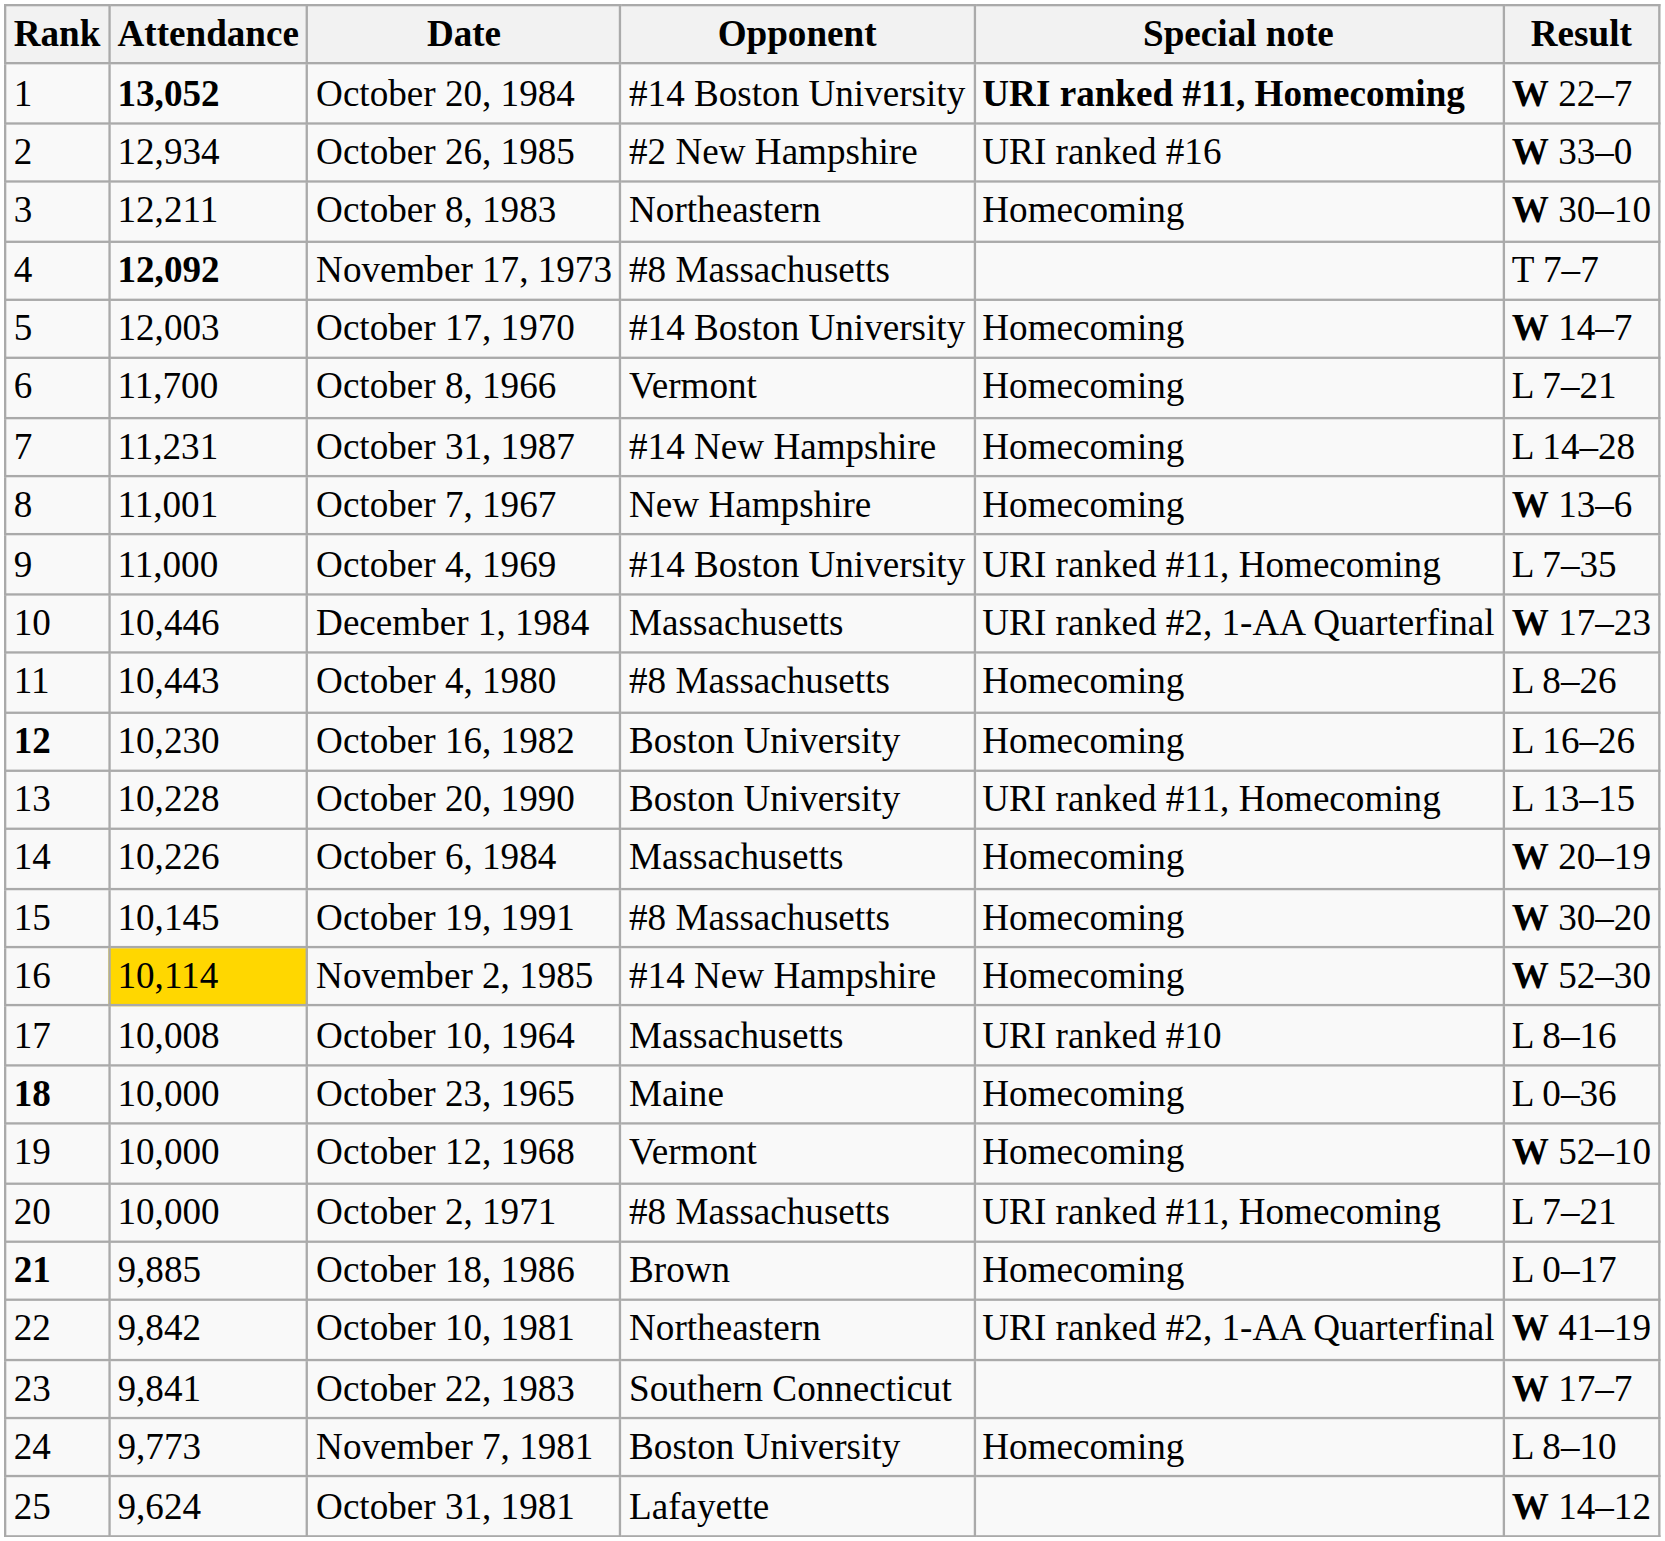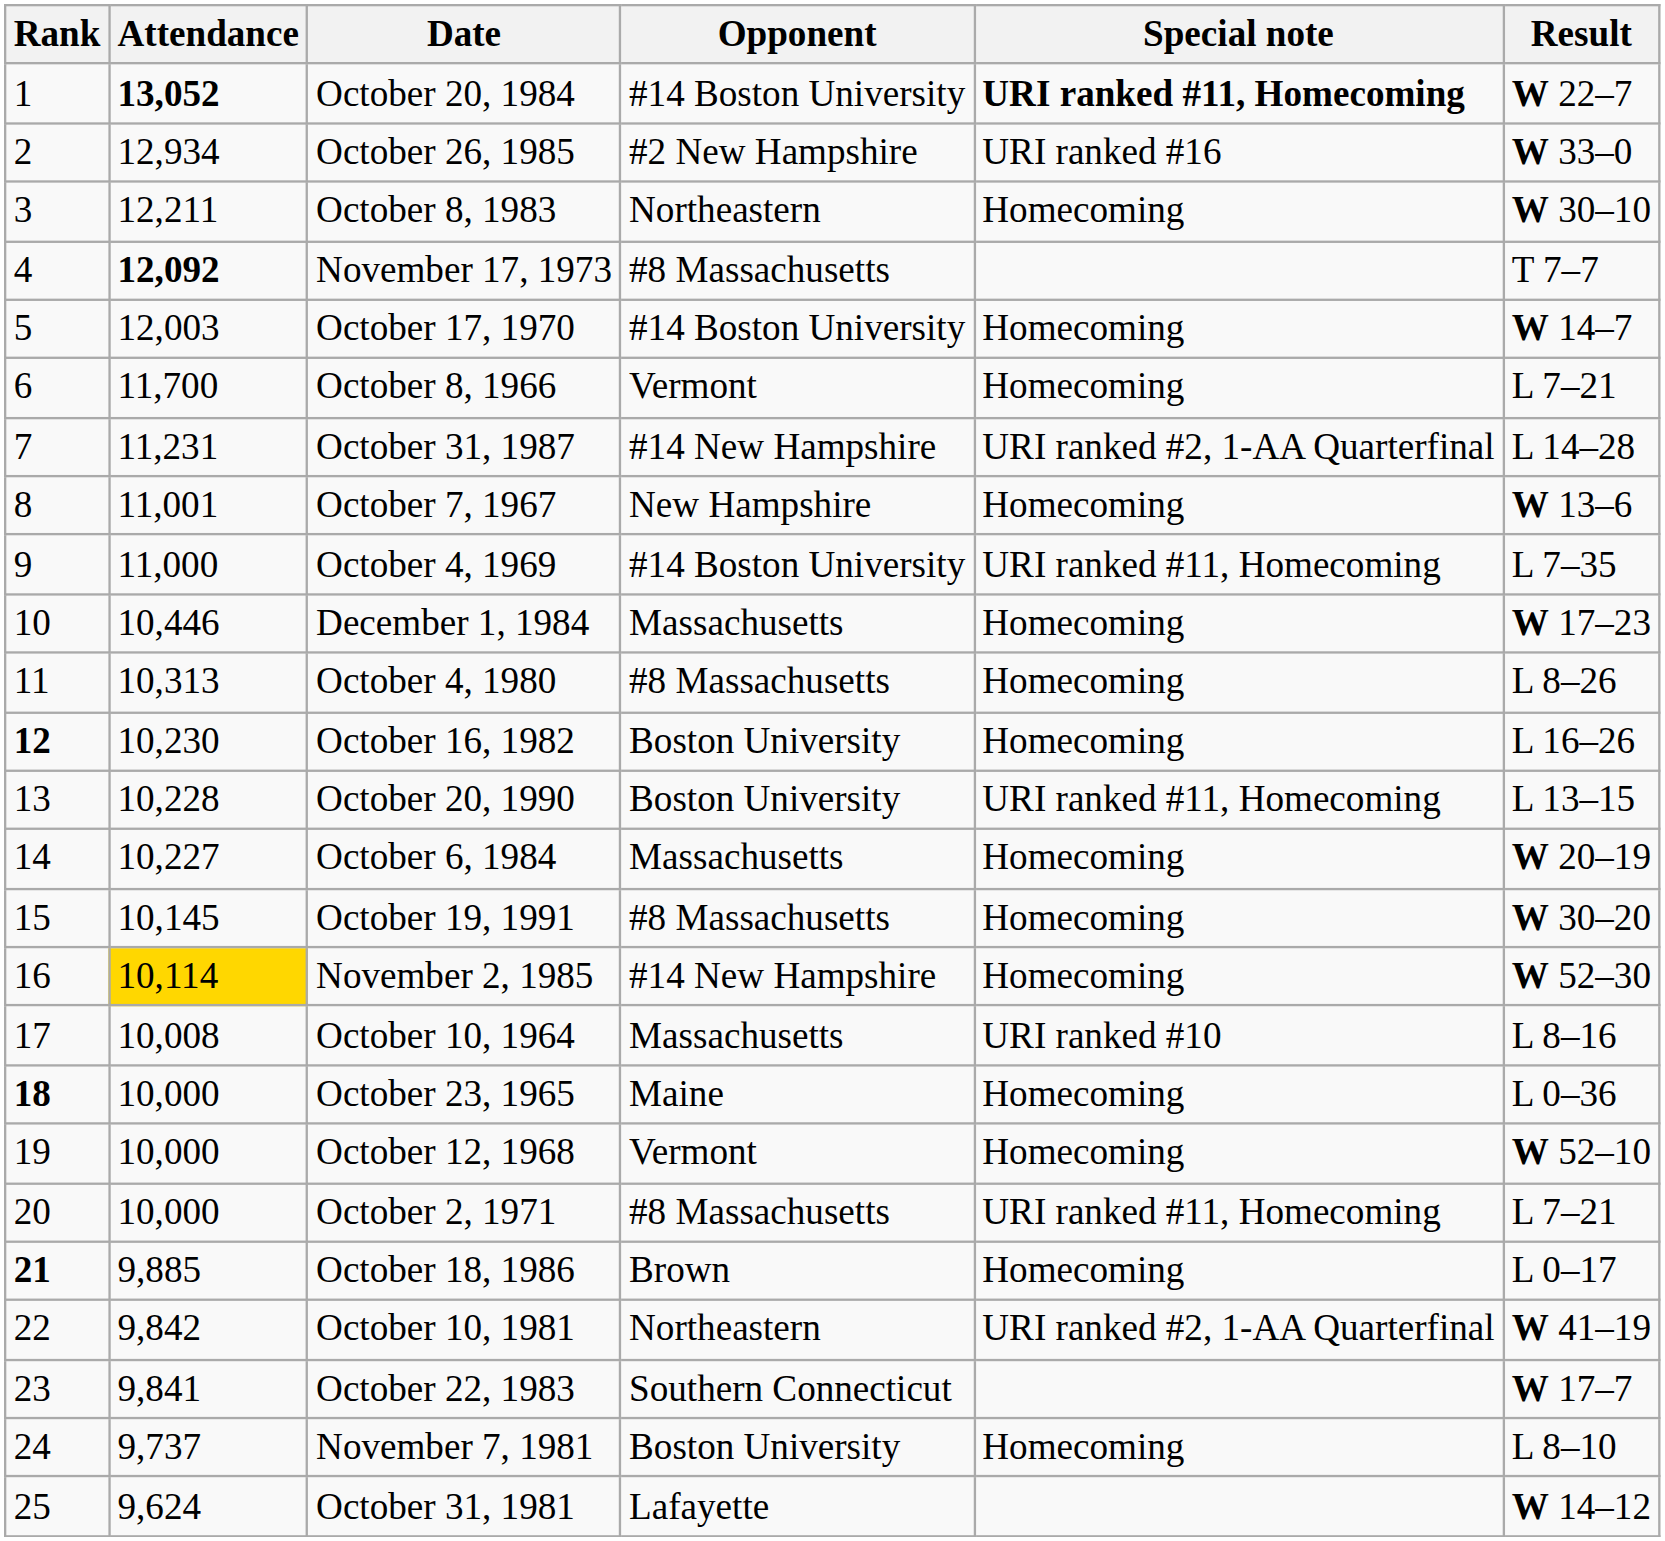 <table class="wikitable">
 <tr>
 <th>Rank</th>
 <th>Attendance</th>
 <th>Date</th>
 <th>Opponent</th>
 <th>Special note</th>
 <th>Result</th>
 </tr>
 <tr>
 <td>1</td>
 <td><strong>13,052</strong></td>
 <td>October 20, 1984</td>
 <td>#14 Boston University</td>
 <td><strong>URI ranked #11, Homecoming</strong></td>
 <td><strong>W</strong> 22–7</td>
 </tr>
 <tr>
 <td>2</td>
 <td>12,934</td>
 <td>October 26, 1985</td>
 <td>#2 New Hampshire</td>
 <td>URI ranked #16</td>
 <td><strong>W</strong> 33–0</td>
 </tr>
 <tr>
 <td>3</td>
 <td>12,211</td>
 <td>October 8, 1983</td>
 <td>Northeastern</td>
 <td>Homecoming</td>
 <td><strong>W</strong> 30–10</td>
 </tr>
 <tr>
 <td>4</td>
 <td><strong>12,092</strong></td>
 <td>November 17, 1973</td>
 <td>#8 Massachusetts</td>
 <td></td>
 <td>T 7–7</td>
 </tr>
 <tr>
 <td>5</td>
 <td>12,003</td>
 <td>October 17, 1970</td>
 <td>#14 Boston University</td>
 <td>Homecoming</td>
 <td><strong>W</strong> 14–7</td>
 </tr>
 <tr>
 <td>6</td>
 <td>11,700</td>
 <td>October 8, 1966</td>
 <td>Vermont</td>
 <td>Homecoming</td>
 <td>L 7–21</td>
 </tr>
 <tr>
 <td>7</td>
 <td>11,231</td>
 <td>October 31, 1987</td>
 <td>#14 New Hampshire</td>
-<td>Homecoming</td>
+<td>URI ranked #2, 1-AA Quarterfinal</td>
 <td>L 14–28</td>
 </tr>
 <tr>
 <td>8</td>
 <td>11,001</td>
 <td>October 7, 1967</td>
 <td>New Hampshire</td>
 <td>Homecoming</td>
 <td><strong>W</strong> 13–6</td>
 </tr>
 <tr>
 <td>9</td>
 <td>11,000</td>
 <td>October 4, 1969</td>
 <td>#14 Boston University</td>
 <td>URI ranked #11, Homecoming</td>
 <td>L 7–35</td>
 </tr>
 <tr>
 <td>10</td>
 <td>10,446</td>
 <td>December 1, 1984</td>
 <td>Massachusetts</td>
-<td>URI ranked #2, 1-AA Quarterfinal</td>
+<td>Homecoming</td>
 <td><strong>W</strong> 17–23</td>
 </tr>
 <tr>
 <td>11</td>
-<td>10,443</td>
+<td>10,313</td>
 <td>October 4, 1980</td>
 <td>#8 Massachusetts</td>
 <td>Homecoming</td>
 <td>L 8–26</td>
 </tr>
 <tr>
 <td><strong>12</strong></td>
 <td>10,230</td>
 <td>October 16, 1982</td>
 <td>Boston University</td>
 <td>Homecoming</td>
 <td>L 16–26</td>
 </tr>
 <tr>
 <td>13</td>
 <td>10,228</td>
 <td>October 20, 1990</td>
 <td>Boston University</td>
 <td>URI ranked #11, Homecoming</td>
 <td>L 13–15</td>
 </tr>
 <tr>
 <td>14</td>
-<td>10,226</td>
+<td>10,227</td>
 <td>October 6, 1984</td>
 <td>Massachusetts</td>
 <td>Homecoming</td>
 <td><strong>W</strong> 20–19</td>
 </tr>
 <tr>
 <td>15</td>
 <td>10,145</td>
 <td>October 19, 1991</td>
 <td>#8 Massachusetts</td>
 <td>Homecoming</td>
 <td><strong>W</strong> 30–20</td>
 </tr>
 <tr>
 <td>16</td>
 <td style="background: gold;">10,114</td>
 <td>November 2, 1985</td>
 <td>#14 New Hampshire</td>
 <td>Homecoming</td>
 <td><strong>W</strong> 52–30</td>
 </tr>
 <tr>
 <td>17</td>
 <td>10,008</td>
 <td>October 10, 1964</td>
 <td>Massachusetts</td>
 <td>URI ranked #10</td>
 <td>L 8–16</td>
 </tr>
 <tr>
 <td><strong>18</strong></td>
 <td>10,000</td>
 <td>October 23, 1965</td>
 <td>Maine</td>
 <td>Homecoming</td>
 <td>L 0–36</td>
 </tr>
 <tr>
 <td>19</td>
 <td>10,000</td>
 <td>October 12, 1968</td>
 <td>Vermont</td>
 <td>Homecoming</td>
 <td><strong>W</strong> 52–10</td>
 </tr>
 <tr>
 <td>20</td>
 <td>10,000</td>
 <td>October 2, 1971</td>
 <td>#8 Massachusetts</td>
 <td>URI ranked #11, Homecoming</td>
 <td>L 7–21</td>
 </tr>
 <tr>
 <td><strong>21</strong></td>
 <td>9,885</td>
 <td>October 18, 1986</td>
 <td>Brown</td>
 <td>Homecoming</td>
 <td>L 0–17</td>
 </tr>
 <tr>
 <td>22</td>
 <td>9,842</td>
 <td>October 10, 1981</td>
 <td>Northeastern</td>
 <td>URI ranked #2, 1-AA Quarterfinal</td>
 <td><strong>W</strong> 41–19</td>
 </tr>
 <tr>
 <td>23</td>
 <td>9,841</td>
 <td>October 22, 1983</td>
 <td>Southern Connecticut</td>
 <td></td>
 <td><strong>W</strong> 17–7</td>
 </tr>
 <tr>
 <td>24</td>
-<td>9,773</td>
+<td>9,737</td>
 <td>November 7, 1981</td>
 <td>Boston University</td>
 <td>Homecoming</td>
 <td>L 8–10</td>
 </tr>
 <tr>
 <td>25</td>
 <td>9,624</td>
 <td>October 31, 1981</td>
 <td>Lafayette</td>
 <td></td>
 <td><strong>W</strong> 14–12</td>
 </tr>
 </table>
